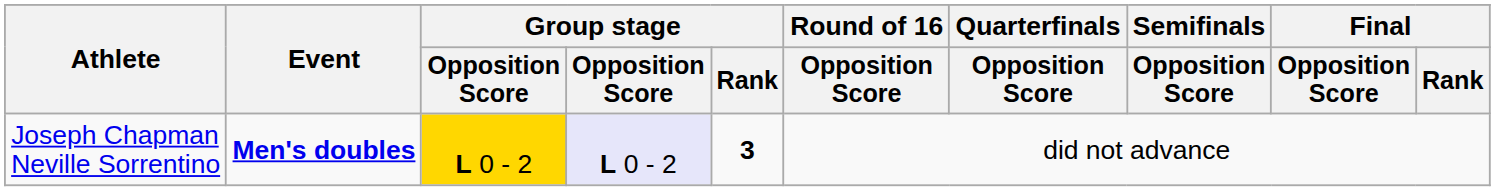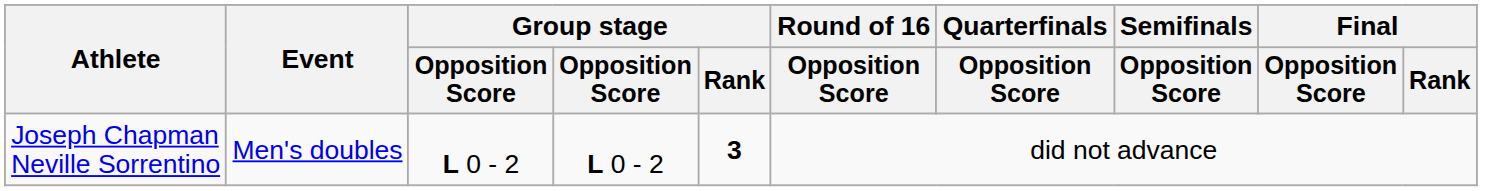 <table class=wikitable style="font-size:90%">
 <tr>
 <th rowspan=2>Athlete</th>
 <th rowspan=2>Event</th>
 <th colspan=3>Group stage</th>
 <th>Round of 16</th>
 <th>Quarterfinals</th>
 <th>Semifinals</th>
 <th colspan=2>Final</th>
 </tr>
 <tr style="font-size:95%">
 <th>Opposition<br>Score</th>
 <th>Opposition<br>Score</th>
 <th>Rank</th>
 <th>Opposition<br>Score</th>
 <th>Opposition<br>Score</th>
 <th>Opposition<br>Score</th>
 <th>Opposition<br>Score</th>
 <th>Rank</th>
 </tr>
 <tr align=center>
 <td align=left><a href='#'>Joseph Chapman</a><br><a href='#'>Neville Sorrentino</a></td>
-<td align=left><strong><a href='#'>Men's doubles</a></strong></td>
-<td style="background: gold;"><br><strong>L</strong> 0 - 2</td>
-<td style="background: lavender;"><br><strong>L</strong> 0 - 2</td>
+<td align=left><a href='#'>Men's doubles</a></td>
+<td><br><strong>L</strong> 0 - 2</td>
+<td><br><strong>L</strong> 0 - 2</td>
 <td><strong>3</strong></td>
 <td colspan=5>did not advance</td>
 </tr>
 </table>
